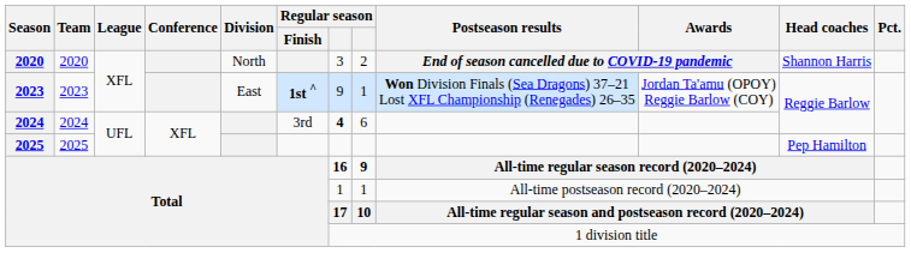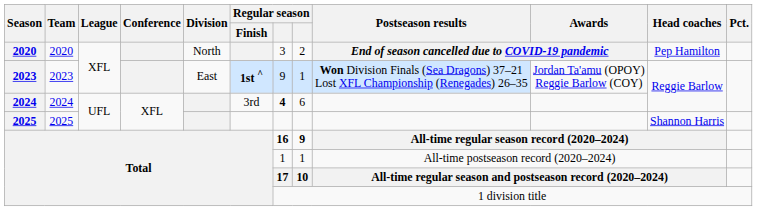 <table class="wikitable" style="text-align:center">
 <tr>
 <th rowspan="2">Season</th>
 <th rowspan="2">Team</th>
 <th rowspan="2">League</th>
 <th rowspan="2">Conference</th>
 <th rowspan="2">Division</th>
 <th colspan="3">Regular season</th>
 <th rowspan="2">Postseason results</th>
 <th rowspan="2">Awards</th>
 <th rowspan="2">Head coaches</th>
 <th rowspan="2">Pct.</th>
 </tr>
 <tr>
 <th>Finish</th>
 <th></th>
 <th></th>
 </tr>
 <tr>
 <th><a href='#'>2020</a></th>
 <td><a href='#'>2020</a></td>
 <td rowspan="2">XFL</td>
 <th></th>
 <td>North</td>
 <th></th>
 <td>3</td>
 <td>2</td>
 <th colspan="2"><em>End of season cancelled due to <a href='#'>COVID-19 pandemic</a></em></th>
-<td><a href='#'>Shannon Harris</a></td>
+<td><a href='#'>Pep Hamilton</a></td>
 <td></td>
 </tr>
 <tr>
 <th><a href='#'>2023</a></th>
 <td><a href='#'>2023</a></td>
 <th></th>
 <td>East</td>
 <td bgcolor="#d0e7ff"><strong>1st <sup>^</sup></strong></td>
 <td bgcolor="#d0e7ff">9</td>
 <td bgcolor="#d0e7ff">1</td>
 <td bgcolor="#d0e7ff"><strong>Won</strong> Division Finals (<a href='#'>Sea Dragons</a>) 37–21<br>Lost <a href='#'>XFL Championship</a> (<a href='#'>Renegades</a>) 26–35</td>
 <td><a href='#'>Jordan Ta'amu</a> (OPOY)  <br><a href='#'>Reggie Barlow</a> (COY) </td>
 <td rowspan="2"><a href='#'>Reggie Barlow</a></td>
 <td rowspan="2"></td>
 </tr>
 <tr>
 <th><a href='#'>2024</a></th>
 <td><a href='#'>2024</a></td>
 <td rowspan="2">UFL</td>
 <td rowspan="2">XFL</td>
 <th></th>
 <td>3rd</td>
 <td><strong>4</strong></td>
 <td>6</td>
 <td></td>
 <td></td>
 </tr>
 <tr>
 <th><a href='#'>2025</a></th>
 <td><a href='#'>2025</a></td>
 <th></th>
 <td></td>
 <td></td>
 <td></td>
 <td></td>
 <td></td>
-<td><a href='#'>Pep Hamilton</a></td>
+<td><a href='#'>Shannon Harris</a></td>
 <td></td>
 </tr>
 <tr>
 <th rowspan="4" colspan="6">Total</th>
 <td><strong>16</strong></td>
 <td><strong>9</strong></td>
 <th colspan="3">All-time regular season record (2020–2024)</th>
 <td></td>
 </tr>
 <tr>
 <td>1</td>
 <td>1</td>
 <td colspan="3">All-time postseason record (2020–2024)</td>
 <td></td>
 </tr>
 <tr>
 <th>17</th>
 <th>10</th>
 <th colspan="3">All-time regular season and postseason record (2020–2024)</th>
 <td></td>
 </tr>
 <tr>
 <td colspan="6">1 division title</td>
 </tr>
 </table>
